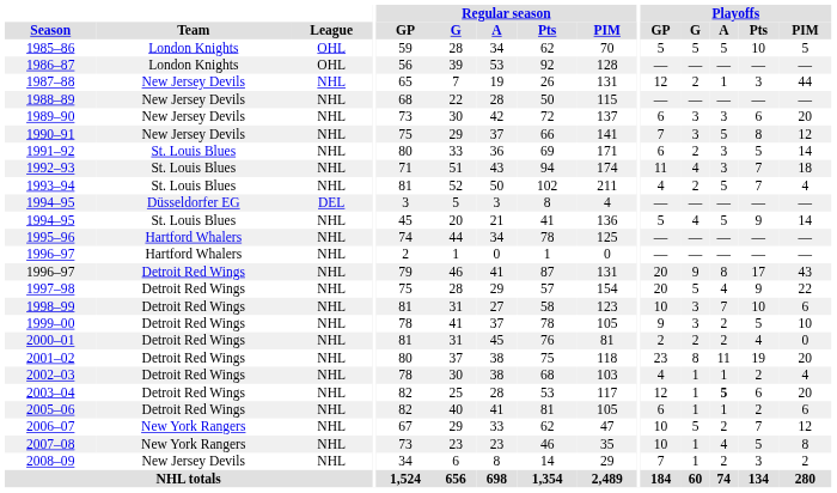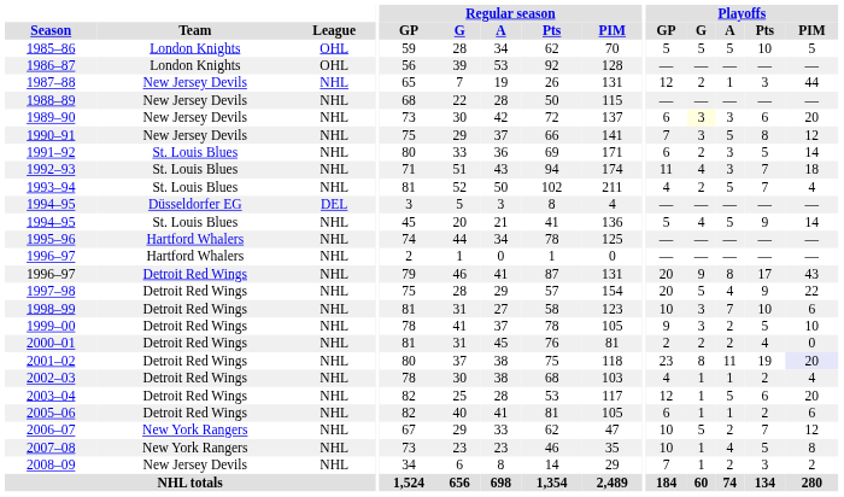 <table border="0" cellpadding="1" cellspacing="0" style="text-align:center; width:60em;">
 <tr bgcolor="#e0e0e0">
 <th colspan="3" bgcolor="#ffffff"></th>
 <th rowspan="100" bgcolor="#ffffff"></th>
 <th colspan="5"><a href='#'>Regular season</a></th>
 <th rowspan="100" bgcolor="#ffffff"></th>
 <th colspan="5"><a href='#'>Playoffs</a></th>
 </tr>
 <tr bgcolor="#e0e0e0">
 <th><a href='#'>Season</a></th>
 <th>Team</th>
 <th>League</th>
 <th>GP</th>
 <th><a href='#'>G</a></th>
 <th><a href='#'>A</a></th>
 <th><a href='#'>Pts</a></th>
 <th><a href='#'>PIM</a></th>
 <th>GP</th>
 <th>G</th>
 <th>A</th>
 <th>Pts</th>
 <th>PIM</th>
 </tr>
 <tr>
 <td><a href='#'>1985–86</a></td>
 <td><a href='#'>London Knights</a></td>
 <td><a href='#'>OHL</a></td>
 <td>59</td>
 <td>28</td>
 <td>34</td>
 <td>62</td>
 <td>70</td>
 <td>5</td>
 <td>5</td>
 <td>5</td>
 <td>10</td>
 <td>5</td>
 </tr>
 <tr bgcolor="#f0f0f0">
 <td><a href='#'>1986–87</a></td>
 <td>London Knights</td>
 <td>OHL</td>
 <td>56</td>
 <td>39</td>
 <td>53</td>
 <td>92</td>
 <td>128</td>
 <td>—</td>
 <td>—</td>
 <td>—</td>
 <td>—</td>
 <td>—</td>
 </tr>
 <tr>
 <td><a href='#'>1987–88</a></td>
 <td><a href='#'>New Jersey Devils</a></td>
 <td><a href='#'>NHL</a></td>
 <td>65</td>
 <td>7</td>
 <td>19</td>
 <td>26</td>
 <td>131</td>
 <td>12</td>
 <td>2</td>
 <td>1</td>
 <td>3</td>
 <td>44</td>
 </tr>
 <tr bgcolor="#f0f0f0">
 <td><a href='#'>1988–89</a></td>
 <td>New Jersey Devils</td>
 <td>NHL</td>
 <td>68</td>
 <td>22</td>
 <td>28</td>
 <td>50</td>
 <td>115</td>
 <td>—</td>
 <td>—</td>
 <td>—</td>
 <td>—</td>
 <td>—</td>
 </tr>
 <tr>
 <td><a href='#'>1989–90</a></td>
 <td>New Jersey Devils</td>
 <td>NHL</td>
 <td>73</td>
 <td>30</td>
 <td>42</td>
 <td>72</td>
 <td>137</td>
 <td>6</td>
-<td>3</td>
+<td style="background: lightyellow;">3</td>
 <td>3</td>
 <td>6</td>
 <td>20</td>
 </tr>
 <tr bgcolor="#f0f0f0">
 <td><a href='#'>1990–91</a></td>
 <td>New Jersey Devils</td>
 <td>NHL</td>
 <td>75</td>
 <td>29</td>
 <td>37</td>
 <td>66</td>
 <td>141</td>
 <td>7</td>
 <td>3</td>
 <td>5</td>
 <td>8</td>
 <td>12</td>
 </tr>
 <tr>
 <td><a href='#'>1991–92</a></td>
 <td><a href='#'>St. Louis Blues</a></td>
 <td>NHL</td>
 <td>80</td>
 <td>33</td>
 <td>36</td>
 <td>69</td>
 <td>171</td>
 <td>6</td>
 <td>2</td>
 <td>3</td>
 <td>5</td>
 <td>14</td>
 </tr>
 <tr bgcolor="#f0f0f0">
 <td><a href='#'>1992–93</a></td>
 <td>St. Louis Blues</td>
 <td>NHL</td>
 <td>71</td>
 <td>51</td>
 <td>43</td>
 <td>94</td>
 <td>174</td>
 <td>11</td>
 <td>4</td>
 <td>3</td>
 <td>7</td>
 <td>18</td>
 </tr>
 <tr>
 <td><a href='#'>1993–94</a></td>
 <td>St. Louis Blues</td>
 <td>NHL</td>
 <td>81</td>
 <td>52</td>
 <td>50</td>
 <td>102</td>
 <td>211</td>
 <td>4</td>
 <td>2</td>
 <td>5</td>
 <td>7</td>
 <td>4</td>
 </tr>
 <tr bgcolor="#f0f0f0">
 <td><a href='#'>1994–95</a></td>
 <td><a href='#'>Düsseldorfer EG</a></td>
 <td><a href='#'>DEL</a></td>
 <td>3</td>
 <td>5</td>
 <td>3</td>
 <td>8</td>
 <td>4</td>
 <td>—</td>
 <td>—</td>
 <td>—</td>
 <td>—</td>
 <td>—</td>
 </tr>
 <tr>
 <td><a href='#'>1994–95</a></td>
 <td>St. Louis Blues</td>
 <td>NHL</td>
 <td>45</td>
 <td>20</td>
 <td>21</td>
 <td>41</td>
 <td>136</td>
 <td>5</td>
 <td>4</td>
 <td>5</td>
 <td>9</td>
 <td>14</td>
 </tr>
 <tr bgcolor="#f0f0f0">
 <td><a href='#'>1995–96</a></td>
 <td><a href='#'>Hartford Whalers</a></td>
 <td>NHL</td>
 <td>74</td>
 <td>44</td>
 <td>34</td>
 <td>78</td>
 <td>125</td>
 <td>—</td>
 <td>—</td>
 <td>—</td>
 <td>—</td>
 <td>—</td>
 </tr>
 <tr>
 <td><a href='#'>1996–97</a></td>
 <td>Hartford Whalers</td>
 <td>NHL</td>
 <td>2</td>
 <td>1</td>
 <td>0</td>
 <td>1</td>
 <td>0</td>
 <td>—</td>
 <td>—</td>
 <td>—</td>
 <td>—</td>
 <td>—</td>
 </tr>
 <tr bgcolor="#f0f0f0">
 <td>1996–97</td>
 <td><a href='#'>Detroit Red Wings</a></td>
 <td>NHL</td>
 <td>79</td>
 <td>46</td>
 <td>41</td>
 <td>87</td>
 <td>131</td>
 <td>20</td>
 <td>9</td>
 <td>8</td>
 <td>17</td>
 <td>43</td>
 </tr>
 <tr>
 <td><a href='#'>1997–98</a></td>
 <td>Detroit Red Wings</td>
 <td>NHL</td>
 <td>75</td>
 <td>28</td>
 <td>29</td>
 <td>57</td>
 <td>154</td>
 <td>20</td>
 <td>5</td>
 <td>4</td>
 <td>9</td>
 <td>22</td>
 </tr>
 <tr bgcolor="#f0f0f0">
 <td><a href='#'>1998–99</a></td>
 <td>Detroit Red Wings</td>
 <td>NHL</td>
 <td>81</td>
 <td>31</td>
 <td>27</td>
 <td>58</td>
 <td>123</td>
 <td>10</td>
 <td>3</td>
 <td>7</td>
 <td>10</td>
 <td>6</td>
 </tr>
 <tr>
 <td><a href='#'>1999–00</a></td>
 <td>Detroit Red Wings</td>
 <td>NHL</td>
 <td>78</td>
 <td>41</td>
 <td>37</td>
 <td>78</td>
 <td>105</td>
 <td>9</td>
 <td>3</td>
 <td>2</td>
 <td>5</td>
 <td>10</td>
 </tr>
 <tr bgcolor="#f0f0f0">
 <td><a href='#'>2000–01</a></td>
 <td>Detroit Red Wings</td>
 <td>NHL</td>
 <td>81</td>
 <td>31</td>
 <td>45</td>
 <td>76</td>
 <td>81</td>
 <td>2</td>
 <td>2</td>
 <td>2</td>
 <td>4</td>
 <td>0</td>
 </tr>
 <tr>
 <td><a href='#'>2001–02</a></td>
 <td>Detroit Red Wings</td>
 <td>NHL</td>
 <td>80</td>
 <td>37</td>
 <td>38</td>
 <td>75</td>
 <td>118</td>
 <td>23</td>
 <td>8</td>
 <td>11</td>
 <td>19</td>
-<td>20</td>
+<td style="background: lavender;">20</td>
 </tr>
 <tr bgcolor="#f0f0f0">
 <td><a href='#'>2002–03</a></td>
 <td>Detroit Red Wings</td>
 <td>NHL</td>
 <td>78</td>
 <td>30</td>
 <td>38</td>
 <td>68</td>
 <td>103</td>
 <td>4</td>
 <td>1</td>
 <td>1</td>
 <td>2</td>
 <td>4</td>
 </tr>
 <tr>
 <td><a href='#'>2003–04</a></td>
 <td>Detroit Red Wings</td>
 <td>NHL</td>
 <td>82</td>
 <td>25</td>
 <td>28</td>
 <td>53</td>
 <td>117</td>
 <td>12</td>
 <td>1</td>
-<td><strong>5</strong></td>
+<td>5</td>
 <td>6</td>
 <td>20</td>
 </tr>
 <tr bgcolor="#f0f0f0">
 <td><a href='#'>2005–06</a></td>
 <td>Detroit Red Wings</td>
 <td>NHL</td>
 <td>82</td>
 <td>40</td>
 <td>41</td>
 <td>81</td>
 <td>105</td>
 <td>6</td>
 <td>1</td>
 <td>1</td>
 <td>2</td>
 <td>6</td>
 </tr>
 <tr>
 <td><a href='#'>2006–07</a></td>
 <td><a href='#'>New York Rangers</a></td>
 <td>NHL</td>
 <td>67</td>
 <td>29</td>
 <td>33</td>
 <td>62</td>
 <td>47</td>
 <td>10</td>
 <td>5</td>
 <td>2</td>
 <td>7</td>
 <td>12</td>
 </tr>
 <tr bgcolor="#f0f0f0">
 <td><a href='#'>2007–08</a></td>
 <td>New York Rangers</td>
 <td>NHL</td>
 <td>73</td>
 <td>23</td>
 <td>23</td>
 <td>46</td>
 <td>35</td>
 <td>10</td>
 <td>1</td>
 <td>4</td>
 <td>5</td>
 <td>8</td>
 </tr>
 <tr>
 <td><a href='#'>2008–09</a></td>
 <td>New Jersey Devils</td>
 <td>NHL</td>
 <td>34</td>
 <td>6</td>
 <td>8</td>
 <td>14</td>
 <td>29</td>
 <td>7</td>
 <td>1</td>
 <td>2</td>
 <td>3</td>
 <td>2</td>
 </tr>
 <tr bgcolor="#e0e0e0">
 <th colspan="3">NHL totals</th>
 <th>1,524</th>
 <th>656</th>
 <th>698</th>
 <th>1,354</th>
 <th>2,489</th>
 <th>184</th>
 <th>60</th>
 <th>74</th>
 <th>134</th>
 <th>280</th>
 </tr>
 </table>
